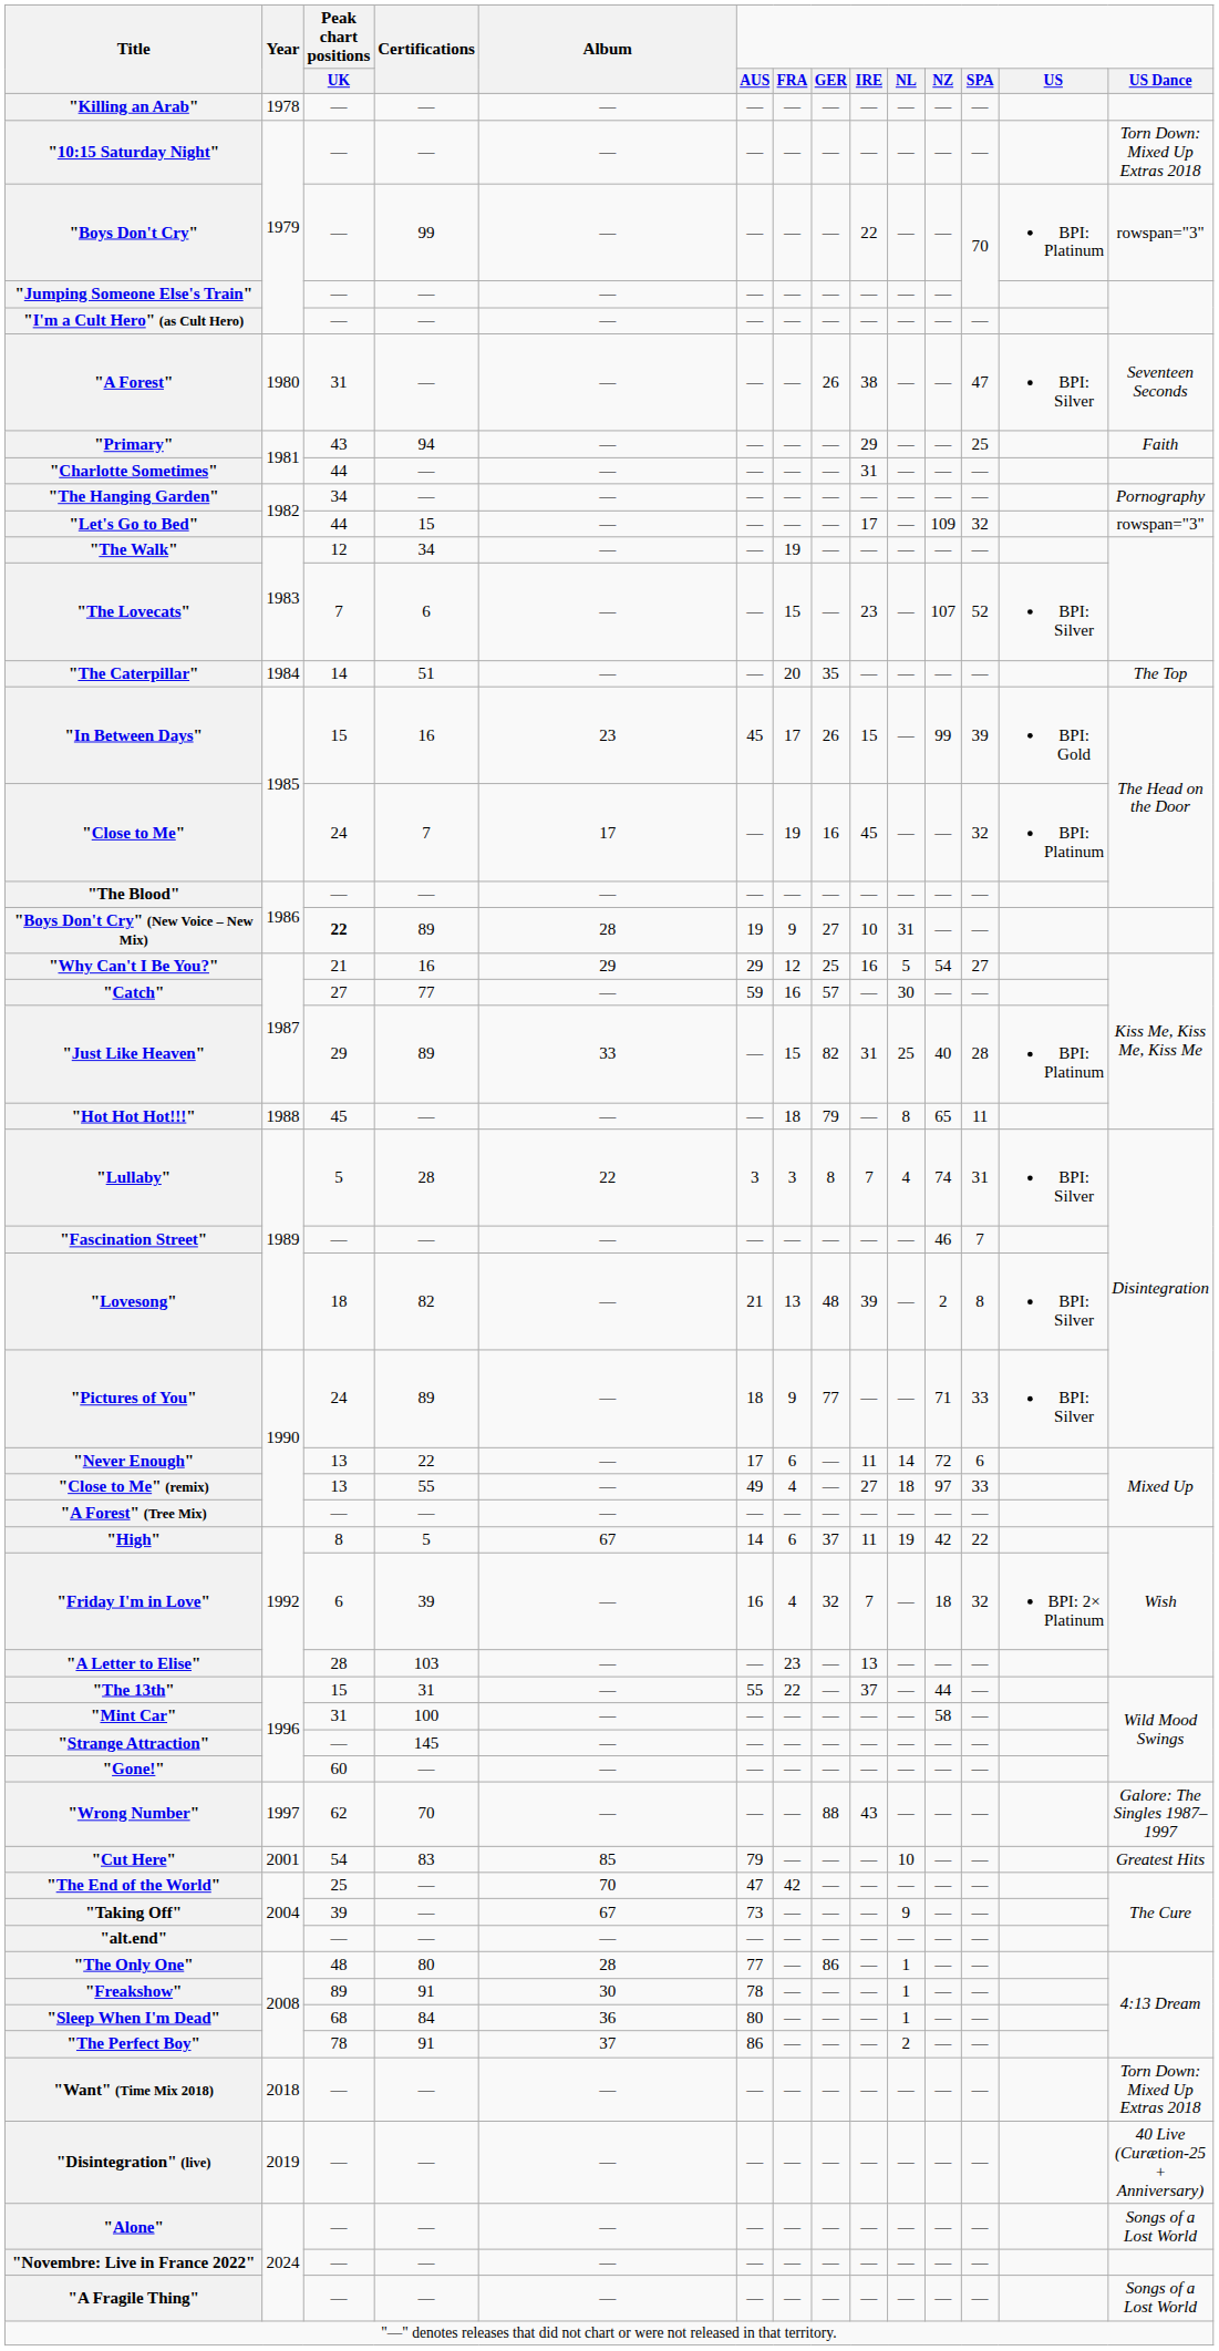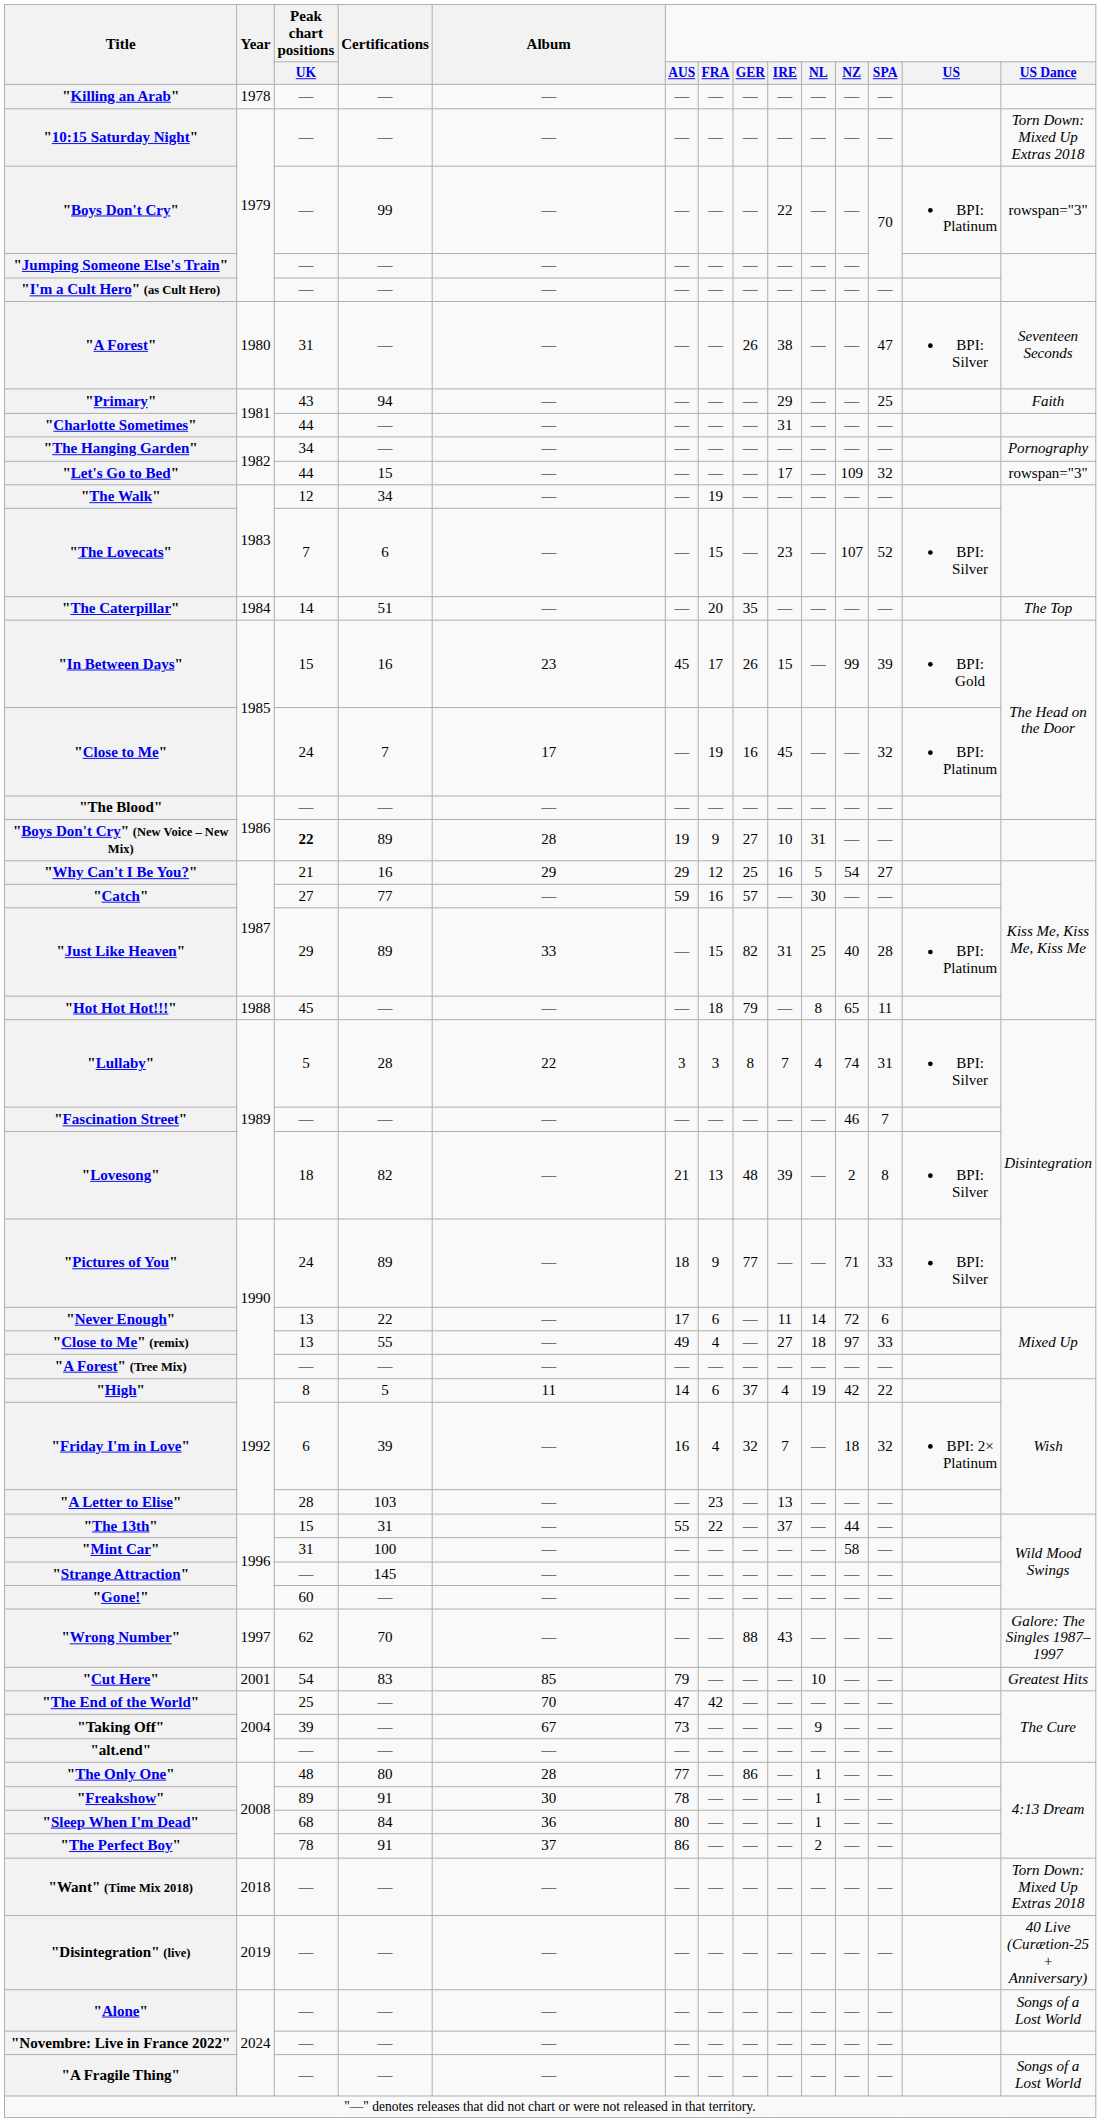 <table class="wikitable plainrowheaders" style="text-align:center;">
 <tr>
 <th scope="col" rowspan="2" style="width:15em;">Title</th>
 <th scope="col" rowspan="2" style="width:2em;">Year</th>
 <th scope="col" colspan="1">Peak chart positions</th>
 <th scope="col" rowspan="2">Certifications</th>
 <th scope="col" rowspan="2" style="width:15em;">Album</th>
 </tr>
 <tr>
 <th scope="col" style="width:2em;font-size:90%;"><a href='#'>UK</a><br></th>
 <th scope="col" style="width:2em;font-size:90%;"><a href='#'>AUS</a><br></th>
 <th scope="col" style="width:2em;font-size:90%;"><a href='#'>FRA</a><br></th>
 <th scope="col" style="width:2em;font-size:90%;"><a href='#'>GER</a><br></th>
 <th scope="col" style="width:2em;font-size:90%;"><a href='#'>IRE</a><br></th>
 <th scope="col" style="width:2em;font-size:90%;"><a href='#'>NL</a><br></th>
 <th scope="col" style="width:2em;font-size:90%;"><a href='#'>NZ</a><br></th>
 <th scope="col" style="width:2em;font-size:90%;"><a href='#'>SPA</a><br></th>
 <th scope="col" style="width:2em;font-size:90%;"><a href='#'>US</a><br></th>
 <th scope="col" style="width:2em;font-size:90%;"><a href='#'>US Dance</a><br></th>
 </tr>
 <tr>
 <th scope="row">"<a href='#'>Killing an Arab</a>"</th>
 <td>1978</td>
 <td>—</td>
 <td>—</td>
 <td>—</td>
 <td>—</td>
 <td>—</td>
 <td>—</td>
 <td>—</td>
 <td>—</td>
 <td>—</td>
 <td>—</td>
 <td></td>
 <td></td>
 </tr>
 <tr>
 <th scope="row">"<a href='#'>10:15 Saturday Night</a>"</th>
 <td rowspan="4">1979</td>
 <td>—</td>
 <td>—</td>
 <td>—</td>
 <td>—</td>
 <td>—</td>
 <td>—</td>
 <td>—</td>
 <td>—</td>
 <td>—</td>
 <td>—</td>
 <td></td>
 <td><em>Torn Down: Mixed Up Extras 2018</em></td>
 </tr>
 <tr>
 <th scope="row">"<a href='#'>Boys Don't Cry</a>"</th>
 <td>—</td>
 <td>99</td>
 <td>—</td>
 <td>—</td>
 <td>—</td>
 <td>—</td>
 <td>22</td>
 <td>—</td>
 <td>—</td>
 <td rowspan="2">70</td>
 <td><br><ul><li>BPI: Platinum</li></ul></td>
 <td>rowspan="3" </td>
 </tr>
 <tr>
 <th scope="row">"<a href='#'>Jumping Someone Else's Train</a>"</th>
 <td>—</td>
 <td>—</td>
 <td>—</td>
 <td>—</td>
 <td>—</td>
 <td>—</td>
 <td>—</td>
 <td>—</td>
 <td>—</td>
 <td></td>
 </tr>
 <tr>
 <th scope="row">"<a href='#'>I'm a Cult Hero</a>" <small>(as Cult Hero)</small></th>
 <td>—</td>
 <td>—</td>
 <td>—</td>
 <td>—</td>
 <td>—</td>
 <td>—</td>
 <td>—</td>
 <td>—</td>
 <td>—</td>
 <td>—</td>
 <td></td>
 </tr>
 <tr>
 <th scope="row">"<a href='#'>A Forest</a>"</th>
 <td>1980</td>
 <td>31</td>
 <td>—</td>
 <td>—</td>
 <td>—</td>
 <td>—</td>
 <td>26</td>
 <td>38</td>
 <td>—</td>
 <td>—</td>
 <td>47</td>
 <td><br><ul><li>BPI: Silver</li></ul></td>
 <td><em>Seventeen Seconds</em></td>
 </tr>
 <tr>
 <th scope="row">"<a href='#'>Primary</a>"</th>
 <td rowspan="2">1981</td>
 <td>43</td>
 <td>94</td>
 <td>—</td>
 <td>—</td>
 <td>—</td>
 <td>—</td>
 <td>29</td>
 <td>—</td>
 <td>—</td>
 <td>25</td>
 <td></td>
 <td><em>Faith</em></td>
 </tr>
 <tr>
 <th scope="row">"<a href='#'>Charlotte Sometimes</a>"</th>
 <td>44</td>
 <td>—</td>
 <td>—</td>
 <td>—</td>
 <td>—</td>
 <td>—</td>
 <td>31</td>
 <td>—</td>
 <td>—</td>
 <td>—</td>
 <td></td>
 <td></td>
 </tr>
 <tr>
 <th scope="row">"<a href='#'>The Hanging Garden</a>"</th>
 <td rowspan="2">1982</td>
 <td>34</td>
 <td>—</td>
 <td>—</td>
 <td>—</td>
 <td>—</td>
 <td>—</td>
 <td>—</td>
 <td>—</td>
 <td>—</td>
 <td>—</td>
 <td></td>
 <td><em>Pornography</em></td>
 </tr>
 <tr>
 <th scope="row">"<a href='#'>Let's Go to Bed</a>"</th>
 <td>44</td>
 <td>15</td>
 <td>—</td>
 <td>—</td>
 <td>—</td>
 <td>—</td>
 <td>17</td>
 <td>—</td>
 <td>109</td>
 <td>32</td>
 <td></td>
 <td>rowspan="3" </td>
 </tr>
 <tr>
 <th scope="row">"<a href='#'>The Walk</a>"</th>
 <td rowspan="2">1983</td>
 <td>12</td>
 <td>34</td>
 <td>—</td>
 <td>—</td>
 <td>19</td>
 <td>—</td>
 <td>—</td>
 <td>—</td>
 <td>—</td>
 <td>—</td>
 <td></td>
 </tr>
 <tr>
 <th scope="row">"<a href='#'>The Lovecats</a>"</th>
 <td>7</td>
 <td>6</td>
 <td>—</td>
 <td>—</td>
 <td>15</td>
 <td>—</td>
 <td>23</td>
 <td>—</td>
 <td>107</td>
 <td>52</td>
 <td><br><ul><li>BPI: Silver</li></ul></td>
 </tr>
 <tr>
 <th scope="row">"<a href='#'>The Caterpillar</a>"</th>
 <td>1984</td>
 <td>14</td>
 <td>51</td>
 <td>—</td>
 <td>—</td>
 <td>20</td>
 <td>35</td>
 <td>—</td>
 <td>—</td>
 <td>—</td>
 <td>—</td>
 <td></td>
 <td><em>The Top</em></td>
 </tr>
 <tr>
 <th scope="row">"<a href='#'>In Between Days</a>"</th>
 <td rowspan="2">1985</td>
 <td>15</td>
 <td>16</td>
 <td>23</td>
 <td>45</td>
 <td>17</td>
 <td>26</td>
 <td>15</td>
 <td>—</td>
 <td>99</td>
 <td>39</td>
 <td><br><ul><li>BPI: Gold</li></ul></td>
 <td rowspan="3"><em>The Head on the Door</em></td>
 </tr>
 <tr>
 <th scope="row">"<a href='#'>Close to Me</a>"</th>
 <td>24</td>
 <td>7</td>
 <td>17</td>
 <td>—</td>
 <td>19</td>
 <td>16</td>
 <td>45</td>
 <td>—</td>
 <td>—</td>
 <td>32</td>
 <td><br><ul><li>BPI: Platinum</li></ul></td>
 </tr>
 <tr>
 <th scope="row">"The Blood"</th>
 <td rowspan="2">1986</td>
 <td>—</td>
 <td>—</td>
 <td>—</td>
 <td>—</td>
 <td>—</td>
 <td>—</td>
 <td>—</td>
 <td>—</td>
 <td>—</td>
 <td>—</td>
 <td></td>
 </tr>
 <tr>
 <th scope="row">"<a href='#'>Boys Don't Cry</a>" <small>(New Voice – New Mix)</small></th>
 <td><strong>22</strong></td>
 <td>89</td>
 <td>28</td>
 <td>19</td>
 <td>9</td>
 <td>27</td>
 <td>10</td>
 <td>31</td>
 <td>—</td>
 <td>—</td>
 <td></td>
 <td></td>
 </tr>
 <tr>
 <th scope="row">"<a href='#'>Why Can't I Be You?</a>"</th>
 <td rowspan="3">1987</td>
 <td>21</td>
 <td>16</td>
 <td>29</td>
 <td>29</td>
 <td>12</td>
 <td>25</td>
 <td>16</td>
 <td>5</td>
 <td>54</td>
 <td>27</td>
 <td></td>
 <td rowspan="4"><em>Kiss Me, Kiss Me, Kiss Me</em></td>
 </tr>
 <tr>
 <th scope="row">"<a href='#'>Catch</a>"</th>
 <td>27</td>
 <td>77</td>
 <td>—</td>
 <td>59</td>
 <td>16</td>
 <td>57</td>
 <td>—</td>
 <td>30</td>
 <td>—</td>
 <td>—</td>
 <td></td>
 </tr>
 <tr>
 <th scope="row">"<a href='#'>Just Like Heaven</a>"</th>
 <td>29</td>
 <td>89</td>
 <td>33</td>
 <td>—</td>
 <td>15</td>
 <td>82</td>
 <td>31</td>
 <td>25</td>
 <td>40</td>
 <td>28</td>
 <td><br><ul><li>BPI: Platinum</li></ul></td>
 </tr>
 <tr>
 <th scope="row">"<a href='#'>Hot Hot Hot!&excl;!</a>"</th>
 <td>1988</td>
 <td>45</td>
 <td>—</td>
 <td>—</td>
 <td>—</td>
 <td>18</td>
 <td>79</td>
 <td>—</td>
 <td>8</td>
 <td>65</td>
 <td>11</td>
 <td></td>
 </tr>
 <tr>
 <th scope="row">"<a href='#'>Lullaby</a>"</th>
 <td rowspan="3">1989</td>
 <td>5</td>
 <td>28</td>
 <td>22</td>
 <td>3</td>
 <td>3</td>
 <td>8</td>
 <td>7</td>
 <td>4</td>
 <td>74</td>
 <td>31</td>
 <td><br><ul><li>BPI: Silver</li></ul></td>
 <td rowspan="4"><em>Disintegration</em></td>
 </tr>
 <tr>
 <th scope="row">"<a href='#'>Fascination Street</a>"</th>
 <td>—</td>
 <td>—</td>
 <td>—</td>
 <td>—</td>
 <td>—</td>
 <td>—</td>
 <td>—</td>
 <td>—</td>
 <td>46</td>
 <td>7</td>
 <td></td>
 </tr>
 <tr>
 <th scope="row">"<a href='#'>Lovesong</a>"</th>
 <td>18</td>
 <td>82</td>
 <td>—</td>
 <td>21</td>
 <td>13</td>
 <td>48</td>
 <td>39</td>
 <td>—</td>
 <td>2</td>
 <td>8</td>
 <td><br><ul><li>BPI: Silver</li></ul></td>
 </tr>
 <tr>
 <th scope="row">"<a href='#'>Pictures of You</a>"</th>
 <td rowspan="4">1990</td>
 <td>24</td>
 <td>89</td>
 <td>—</td>
 <td>18</td>
 <td>9</td>
 <td>77</td>
 <td>—</td>
 <td>—</td>
 <td>71</td>
 <td>33</td>
 <td><br><ul><li>BPI: Silver</li></ul></td>
 </tr>
 <tr>
 <th scope="row">"<a href='#'>Never Enough</a>"</th>
 <td>13</td>
 <td>22</td>
 <td>—</td>
 <td>17</td>
 <td>6</td>
 <td>—</td>
 <td>11</td>
 <td>14</td>
 <td>72</td>
 <td>6</td>
 <td></td>
 <td rowspan="3"><em>Mixed Up</em></td>
 </tr>
 <tr>
 <th scope="row">"<a href='#'>Close to Me</a>" <small>(remix)</small></th>
 <td>13</td>
 <td>55</td>
 <td>—</td>
 <td>49</td>
 <td>4</td>
 <td>—</td>
 <td>27</td>
 <td>18</td>
 <td>97</td>
 <td>33</td>
 <td></td>
 </tr>
 <tr>
 <th scope="row">"<a href='#'>A Forest</a>" <small>(Tree Mix)</small></th>
 <td>—</td>
 <td>—</td>
 <td>—</td>
 <td>—</td>
 <td>—</td>
 <td>—</td>
 <td>—</td>
 <td>—</td>
 <td>—</td>
 <td>—</td>
 <td></td>
 </tr>
 <tr>
 <th scope="row">"<a href='#'>High</a>"</th>
 <td rowspan="3">1992</td>
 <td>8</td>
 <td>5</td>
-<td>67</td>
+<td>11</td>
 <td>14</td>
 <td>6</td>
 <td>37</td>
-<td>11</td>
+<td>4</td>
 <td>19</td>
 <td>42</td>
 <td>22</td>
 <td></td>
 <td rowspan="3"><em>Wish</em></td>
 </tr>
 <tr>
 <th scope="row">"<a href='#'>Friday I'm in Love</a>"</th>
 <td>6</td>
 <td>39</td>
 <td>—</td>
 <td>16</td>
 <td>4</td>
 <td>32</td>
 <td>7</td>
 <td>—</td>
 <td>18</td>
 <td>32</td>
 <td><br><ul><li>BPI: 2× Platinum</li></ul></td>
 </tr>
 <tr>
 <th scope="row">"<a href='#'>A Letter to Elise</a>"</th>
 <td>28</td>
 <td>103</td>
 <td>—</td>
 <td>—</td>
 <td>23</td>
 <td>—</td>
 <td>13</td>
 <td>—</td>
 <td>—</td>
 <td>—</td>
 <td></td>
 </tr>
 <tr>
 <th scope="row">"<a href='#'>The 13th</a>"</th>
 <td rowspan="4">1996</td>
 <td>15</td>
 <td>31</td>
 <td>—</td>
 <td>55</td>
 <td>22</td>
 <td>—</td>
 <td>37</td>
 <td>—</td>
 <td>44</td>
 <td>—</td>
 <td></td>
 <td rowspan="4"><em>Wild Mood Swings</em></td>
 </tr>
 <tr>
 <th scope="row">"<a href='#'>Mint Car</a>"</th>
 <td>31</td>
 <td>100</td>
 <td>—</td>
 <td>—</td>
 <td>—</td>
 <td>—</td>
 <td>—</td>
 <td>—</td>
 <td>58</td>
 <td>—</td>
 <td></td>
 </tr>
 <tr>
 <th scope="row">"<a href='#'>Strange Attraction</a>"</th>
 <td>—</td>
 <td>145</td>
 <td>—</td>
 <td>—</td>
 <td>—</td>
 <td>—</td>
 <td>—</td>
 <td>—</td>
 <td>—</td>
 <td>—</td>
 <td></td>
 </tr>
 <tr>
 <th scope="row">"<a href='#'>Gone!</a>"</th>
 <td>60</td>
 <td>—</td>
 <td>—</td>
 <td>—</td>
 <td>—</td>
 <td>—</td>
 <td>—</td>
 <td>—</td>
 <td>—</td>
 <td>—</td>
 <td></td>
 </tr>
 <tr>
 <th scope="row">"<a href='#'>Wrong Number</a>"</th>
 <td>1997</td>
 <td>62</td>
 <td>70</td>
 <td>—</td>
 <td>—</td>
 <td>—</td>
 <td>88</td>
 <td>43</td>
 <td>—</td>
 <td>—</td>
 <td>—</td>
 <td></td>
 <td><em>Galore: The Singles 1987–1997</em></td>
 </tr>
 <tr>
 <th scope="row">"<a href='#'>Cut Here</a>"</th>
 <td>2001</td>
 <td>54</td>
 <td>83</td>
 <td>85</td>
 <td>79</td>
 <td>—</td>
 <td>—</td>
 <td>—</td>
 <td>10</td>
 <td>—</td>
 <td>—</td>
 <td></td>
 <td><em>Greatest Hits</em></td>
 </tr>
 <tr>
 <th scope="row">"<a href='#'>The End of the World</a>"</th>
 <td rowspan="3">2004</td>
 <td>25</td>
 <td>—</td>
 <td>70</td>
 <td>47</td>
 <td>42</td>
 <td>—</td>
 <td>—</td>
 <td>—</td>
 <td>—</td>
 <td>—</td>
 <td></td>
 <td rowspan="3"><em>The Cure</em></td>
 </tr>
 <tr>
 <th scope="row">"Taking Off"</th>
 <td>39</td>
 <td>—</td>
 <td>67</td>
 <td>73</td>
 <td>—</td>
 <td>—</td>
 <td>—</td>
 <td>9</td>
 <td>—</td>
 <td>—</td>
 <td></td>
 </tr>
 <tr>
 <th scope="row">"alt.end"</th>
 <td>—</td>
 <td>—</td>
 <td>—</td>
 <td>—</td>
 <td>—</td>
 <td>—</td>
 <td>—</td>
 <td>—</td>
 <td>—</td>
 <td>—</td>
 <td></td>
 </tr>
 <tr>
 <th scope="row">"<a href='#'>The Only One</a>"</th>
 <td rowspan="4">2008</td>
 <td>48</td>
 <td>80</td>
 <td>28</td>
 <td>77</td>
 <td>—</td>
 <td>86</td>
 <td>—</td>
 <td>1</td>
 <td>—</td>
 <td>—</td>
 <td></td>
 <td rowspan="4"><em>4:13 Dream</em></td>
 </tr>
 <tr>
 <th scope="row">"<a href='#'>Freakshow</a>"</th>
 <td>89</td>
 <td>91</td>
 <td>30</td>
 <td>78</td>
 <td>—</td>
 <td>—</td>
 <td>—</td>
 <td>1</td>
 <td>—</td>
 <td>—</td>
 <td></td>
 </tr>
 <tr>
 <th scope="row">"<a href='#'>Sleep When I'm Dead</a>"</th>
 <td>68</td>
 <td>84</td>
 <td>36</td>
 <td>80</td>
 <td>—</td>
 <td>—</td>
 <td>—</td>
 <td>1</td>
 <td>—</td>
 <td>—</td>
 <td></td>
 </tr>
 <tr>
 <th scope="row">"<a href='#'>The Perfect Boy</a>"</th>
 <td>78</td>
 <td>91</td>
 <td>37</td>
 <td>86</td>
 <td>—</td>
 <td>—</td>
 <td>—</td>
 <td>2</td>
 <td>—</td>
 <td>—</td>
 <td></td>
 </tr>
 <tr>
 <th scope="row">"Want" <small>(Time Mix 2018)</small></th>
 <td>2018</td>
 <td>—</td>
 <td>—</td>
 <td>—</td>
 <td>—</td>
 <td>—</td>
 <td>—</td>
 <td>—</td>
 <td>—</td>
 <td>—</td>
 <td>—</td>
 <td></td>
 <td><em>Torn Down: Mixed Up Extras 2018</em></td>
 </tr>
 <tr>
 <th scope="row">"Disintegration" <small>(live)</small></th>
 <td>2019</td>
 <td>—</td>
 <td>—</td>
 <td>—</td>
 <td>—</td>
 <td>—</td>
 <td>—</td>
 <td>—</td>
 <td>—</td>
 <td>—</td>
 <td>—</td>
 <td></td>
 <td><em>40 Live (Curætion-25 + Anniversary)</em></td>
 </tr>
 <tr>
 <th scope="row">"<a href='#'>Alone</a>"</th>
 <td rowspan=3>2024</td>
 <td>—</td>
 <td>—</td>
 <td>—</td>
 <td>—</td>
 <td>—</td>
 <td>—</td>
 <td>—</td>
 <td>—</td>
 <td>—</td>
 <td>—</td>
 <td></td>
 <td><em>Songs of a Lost World</em></td>
 </tr>
 <tr>
 <th scope="row">"Novembre: Live in France 2022"</th>
 <td>—</td>
 <td>—</td>
 <td>—</td>
 <td>—</td>
 <td>—</td>
 <td>—</td>
 <td>—</td>
 <td>—</td>
 <td>—</td>
 <td>—</td>
 <td></td>
 <td></td>
 </tr>
 <tr>
 <th scope="row">"A Fragile Thing"</th>
 <td>—</td>
 <td>—</td>
 <td>—</td>
 <td>—</td>
 <td>—</td>
 <td>—</td>
 <td>—</td>
 <td>—</td>
 <td>—</td>
 <td>—</td>
 <td></td>
 <td><em>Songs of a Lost World</em></td>
 </tr>
 <tr>
 <td colspan="15" style="font-size:90%">"—" denotes releases that did not chart or were not released in that territory.</td>
 </tr>
 </table>
